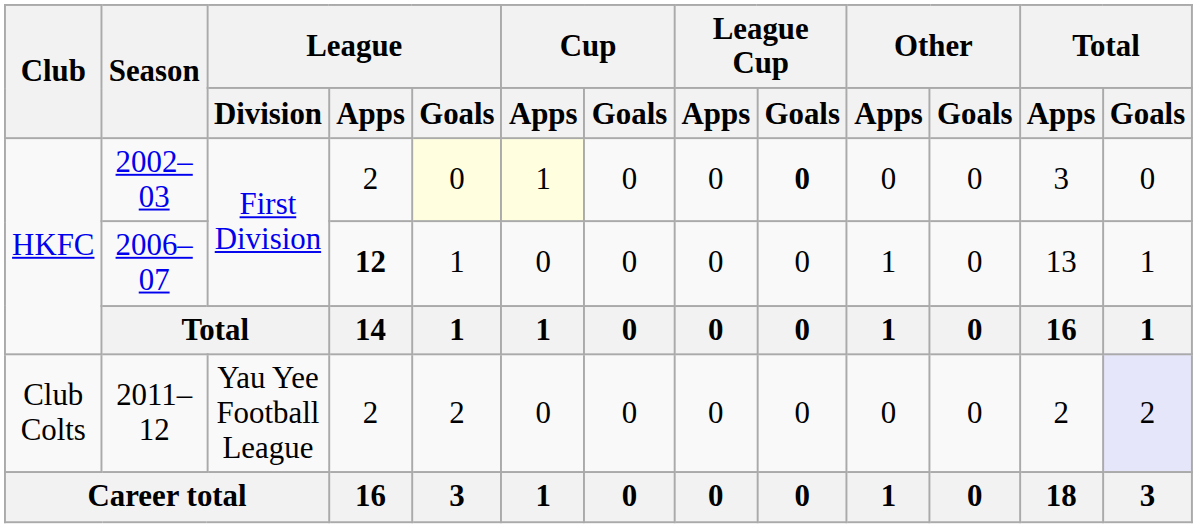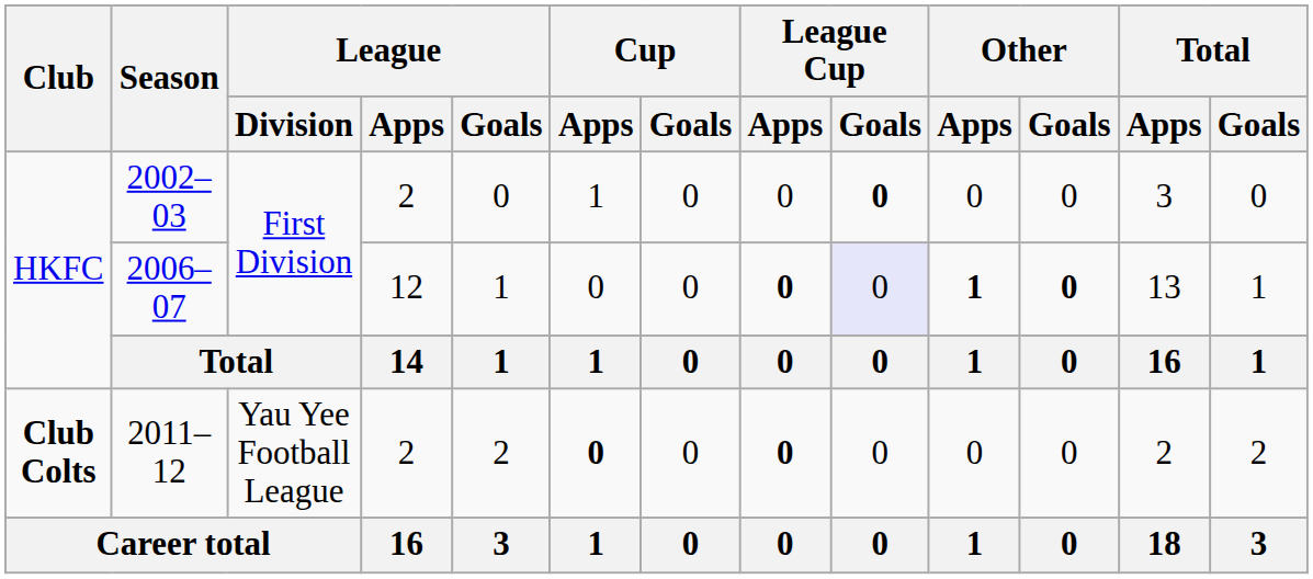 <table class="wikitable" style="text-align: center">
 <tr>
 <th rowspan="2">Club</th>
 <th rowspan="2">Season</th>
 <th colspan="3">League</th>
 <th colspan="2">Cup</th>
 <th colspan="2">League Cup</th>
 <th colspan="2">Other</th>
 <th colspan="2">Total</th>
 </tr>
 <tr>
 <th>Division</th>
 <th>Apps</th>
 <th>Goals</th>
 <th>Apps</th>
 <th>Goals</th>
 <th>Apps</th>
 <th>Goals</th>
 <th>Apps</th>
 <th>Goals</th>
 <th>Apps</th>
 <th>Goals</th>
 </tr>
 <tr>
 <td rowspan="3"><a href='#'>HKFC</a></td>
 <td><a href='#'>2002–03</a></td>
 <td rowspan="2"><a href='#'>First Division</a></td>
 <td>2</td>
-<td style="background: lightyellow;">0</td>
-<td style="background: lightyellow;">1</td>
+<td>0</td>
+<td>1</td>
 <td>0</td>
 <td>0</td>
 <td><strong>0</strong></td>
 <td>0</td>
 <td>0</td>
 <td>3</td>
 <td>0</td>
 </tr>
 <tr>
 <td><a href='#'>2006–07</a></td>
-<td><strong>12</strong></td>
+<td>12</td>
 <td>1</td>
 <td>0</td>
 <td>0</td>
-<td>0</td>
-<td>0</td>
-<td>1</td>
-<td>0</td>
+<td><strong>0</strong></td>
+<td style="background: lavender;">0</td>
+<td><strong>1</strong></td>
+<td><strong>0</strong></td>
 <td>13</td>
 <td>1</td>
 </tr>
 <tr>
 <th colspan="2">Total</th>
 <th>14</th>
 <th>1</th>
 <th>1</th>
 <th>0</th>
 <th>0</th>
 <th>0</th>
 <th>1</th>
 <th>0</th>
 <th>16</th>
 <th>1</th>
 </tr>
 <tr>
-<td>Club Colts</td>
+<td><strong>Club Colts</strong></td>
 <td>2011–12</td>
 <td>Yau Yee Football League</td>
 <td>2</td>
 <td>2</td>
+<td><strong>0</strong></td>
 <td>0</td>
-<td>0</td>
-<td>0</td>
+<td><strong>0</strong></td>
 <td>0</td>
 <td>0</td>
 <td>0</td>
 <td>2</td>
-<td style="background: lavender;">2</td>
+<td>2</td>
 </tr>
 <tr>
 <th colspan="3">Career total</th>
 <th>16</th>
 <th>3</th>
 <th>1</th>
 <th>0</th>
 <th>0</th>
 <th>0</th>
 <th>1</th>
 <th>0</th>
 <th>18</th>
 <th>3</th>
 </tr>
 </table>
